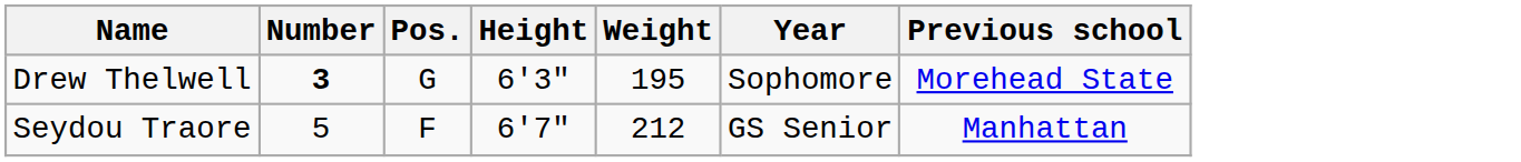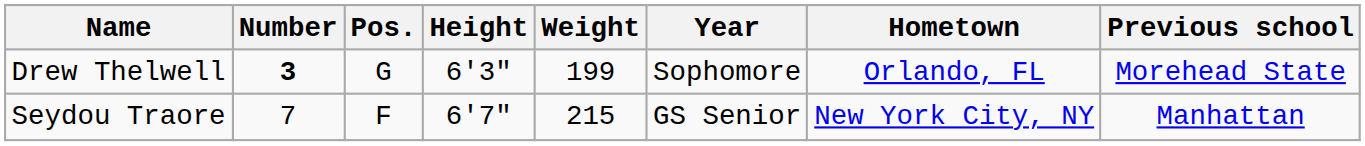 <table class="wikitable sortable sortable" style="text-align:center">
 <tr align=center>
 <th>Name</th>
 <th>Number</th>
 <th>Pos.</th>
 <th>Height</th>
 <th>Weight</th>
 <th>Year</th>
+<th>Hometown</th>
 <th class="unsortable">Previous school</th>
 </tr>
 <tr>
 <td>Drew Thelwell</td>
 <td><strong>3</strong></td>
 <td>G</td>
 <td>6'3"</td>
-<td>195</td>
+<td>199</td>
 <td>Sophomore</td>
+<td><a href='#'>Orlando, FL</a></td>
 <td><a href='#'>Morehead State</a></td>
 </tr>
 <tr>
 <td>Seydou Traore</td>
-<td>5</td>
+<td>7</td>
 <td>F</td>
 <td>6'7"</td>
-<td>212</td>
+<td>215</td>
 <td>GS Senior</td>
+<td><a href='#'>New York City, NY</a></td>
 <td><a href='#'>Manhattan</a></td>
 </tr>
 </table>
